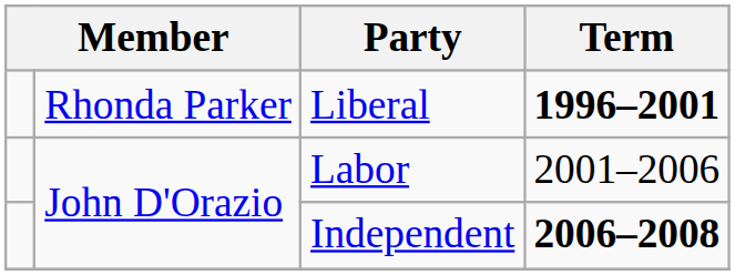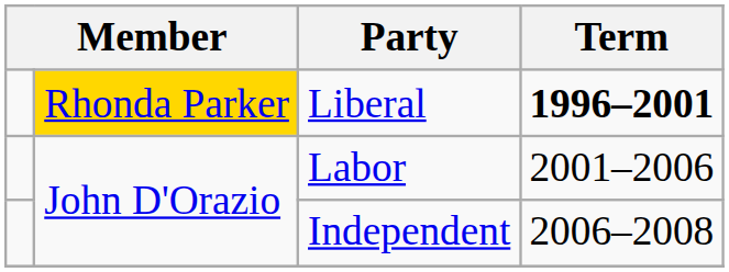 <table class="wikitable">
 <tr>
 <th colspan="2">Member</th>
 <th>Party</th>
 <th>Term</th>
 </tr>
 <tr>
 <td> </td>
-<td><a href='#'>Rhonda Parker</a></td>
+<td style="background: gold;"><a href='#'>Rhonda Parker</a></td>
 <td><a href='#'>Liberal</a></td>
 <td><strong>1996–2001</strong></td>
 </tr>
 <tr>
 <td> </td>
 <td rowspan="2"><a href='#'>John D'Orazio</a></td>
 <td><a href='#'>Labor</a></td>
 <td>2001–2006</td>
 </tr>
 <tr>
 <td> </td>
 <td><a href='#'>Independent</a></td>
-<td><strong>2006–2008</strong></td>
+<td>2006–2008</td>
 </tr>
 <tr>
 </tr>
 </table>
